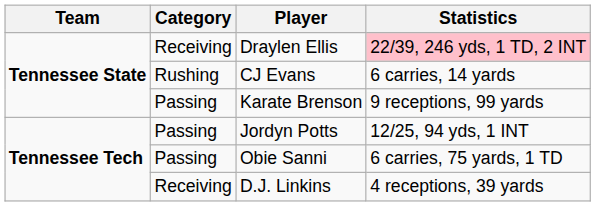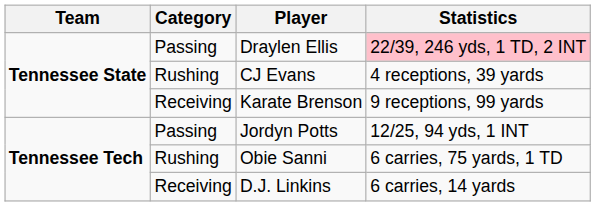 <table class="wikitable" style="float: right;">
 <tr>
 <th>Team</th>
 <th>Category</th>
 <th>Player</th>
 <th>Statistics</th>
 </tr>
 <tr>
 <td rowspan=3><strong>Tennessee State</strong></td>
-<td>Receiving</td>
+<td>Passing</td>
 <td>Draylen Ellis</td>
 <td style="background: pink;">22/39, 246 yds, 1 TD, 2 INT</td>
 </tr>
 <tr>
 <td>Rushing</td>
 <td>CJ Evans</td>
-<td>6 carries, 14 yards</td>
+<td>4 receptions, 39 yards</td>
 </tr>
 <tr>
-<td>Passing</td>
+<td>Receiving</td>
 <td>Karate Brenson</td>
 <td>9 receptions, 99 yards</td>
 </tr>
 <tr>
 <td rowspan=3><strong>Tennessee Tech</strong></td>
 <td>Passing</td>
 <td>Jordyn Potts</td>
 <td>12/25, 94 yds, 1 INT</td>
 </tr>
 <tr>
-<td>Passing</td>
+<td>Rushing</td>
 <td>Obie Sanni</td>
 <td>6 carries, 75 yards, 1 TD</td>
 </tr>
 <tr>
 <td>Receiving</td>
 <td>D.J. Linkins</td>
-<td>4 receptions, 39 yards</td>
+<td>6 carries, 14 yards</td>
 </tr>
 </table>
